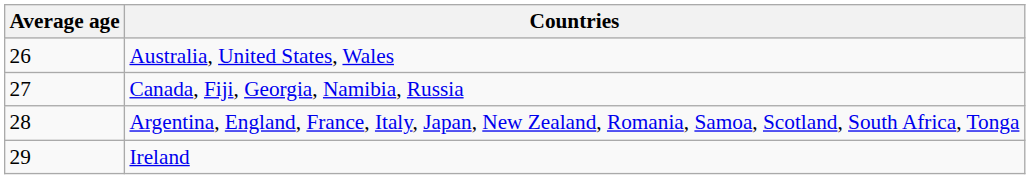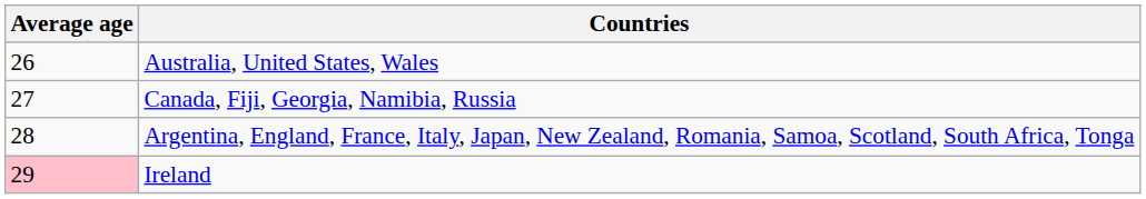 <table class="wikitable">
 <tr>
 <th>Average age</th>
 <th>Countries</th>
 </tr>
 <tr>
 <td>26</td>
 <td><a href='#'>Australia</a>, <a href='#'>United States</a>, <a href='#'>Wales</a></td>
 </tr>
 <tr>
 <td>27</td>
 <td><a href='#'>Canada</a>, <a href='#'>Fiji</a>, <a href='#'>Georgia</a>, <a href='#'>Namibia</a>, <a href='#'>Russia</a></td>
 </tr>
 <tr>
 <td>28</td>
 <td><a href='#'>Argentina</a>, <a href='#'>England</a>, <a href='#'>France</a>, <a href='#'>Italy</a>, <a href='#'>Japan</a>, <a href='#'>New Zealand</a>, <a href='#'>Romania</a>, <a href='#'>Samoa</a>, <a href='#'>Scotland</a>, <a href='#'>South Africa</a>, <a href='#'>Tonga</a></td>
 </tr>
 <tr>
-<td>29</td>
+<td style="background: pink;">29</td>
 <td><a href='#'>Ireland</a></td>
 </tr>
 </table>
